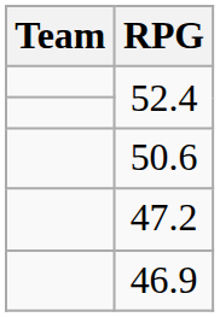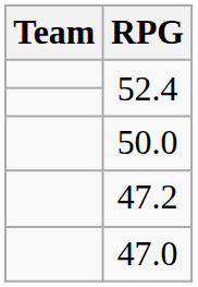 <table class=wikitable>
 <tr>
 <th>Team</th>
 <th>RPG</th>
 </tr>
 <tr>
 <td></td>
 <td align=center rowspan=2>52.4</td>
 </tr>
 <tr>
 <td></td>
 </tr>
 <tr>
 <td></td>
-<td align=center>50.6</td>
+<td align=center>50.0</td>
 </tr>
 <tr>
 <td></td>
 <td align=center>47.2</td>
 </tr>
 <tr>
 <td></td>
-<td align=center>46.9</td>
+<td align=center>47.0</td>
 </tr>
 </table>
